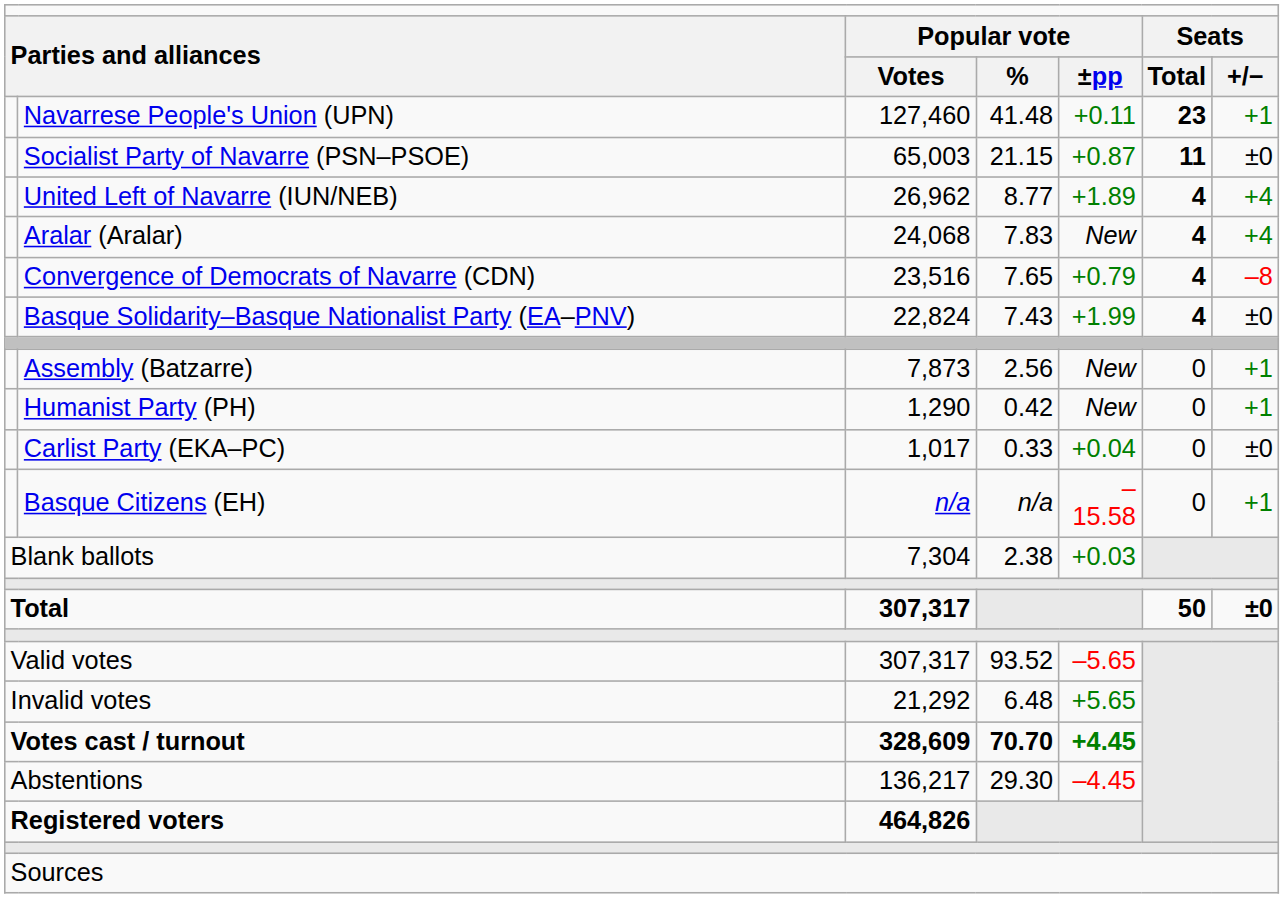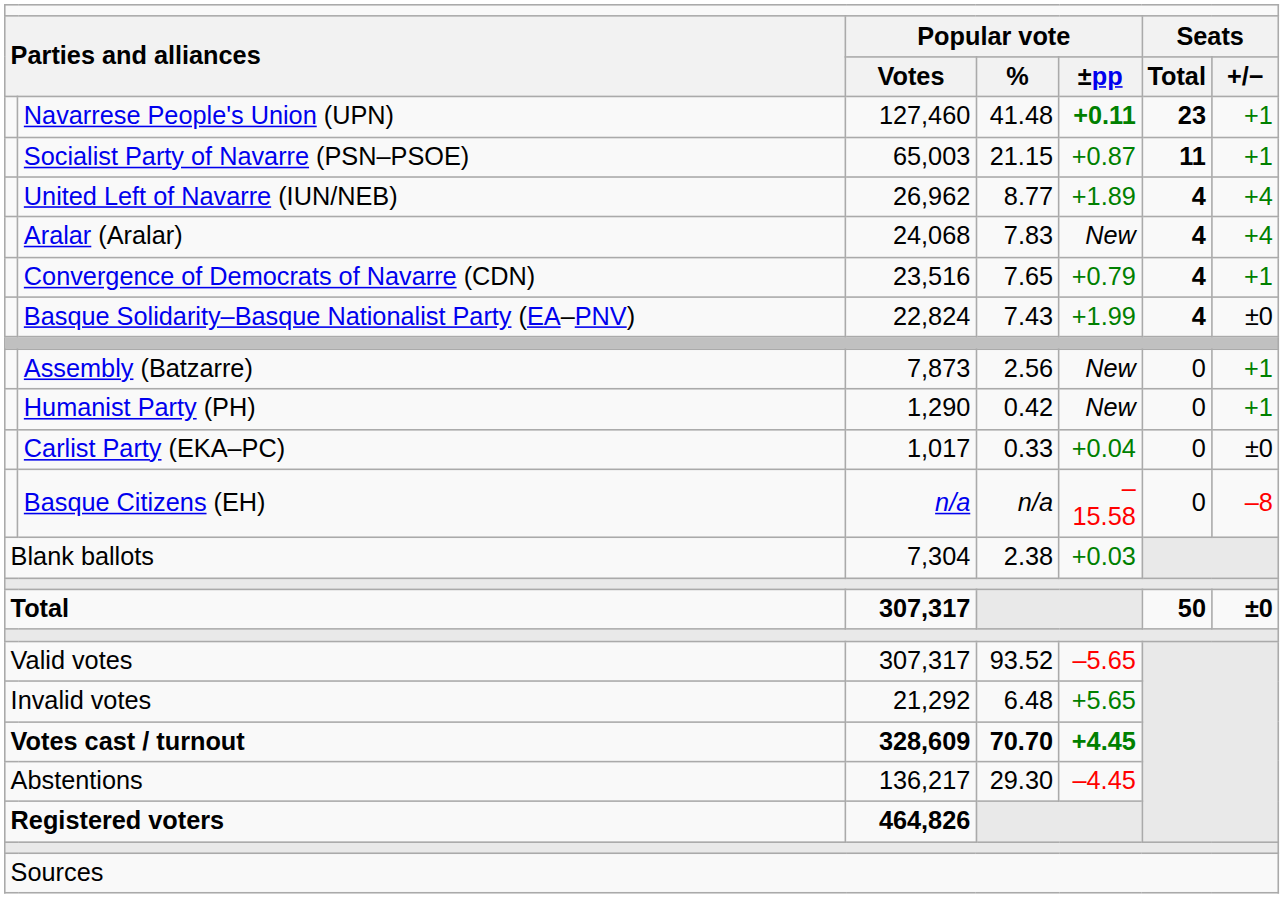 <table class="wikitable" style="text-align:right;">
 <tr>
 <td colspan="7"></td>
 </tr>
 <tr>
 <th style="text-align:left;" rowspan="2" colspan="2" width="525">Parties and alliances</th>
 <th colspan="3">Popular vote</th>
 <th colspan="2">Seats</th>
 </tr>
 <tr>
 <th width="75">Votes</th>
 <th width="45">%</th>
 <th width="45">±<a href='#'>pp</a></th>
 <th width="35">Total</th>
 <th width="35">+/−</th>
 </tr>
 <tr>
 <td width="1" style="color:inherit;background:"></td>
 <td align="left"><a href='#'>Navarrese People's Union</a> (UPN)</td>
 <td>127,460</td>
 <td>41.48</td>
-<td style="color:green;">+0.11</td>
+<td style="color:green;"><strong>+0.11</strong></td>
 <td><strong>23</strong></td>
 <td style="color:green;">+1</td>
 </tr>
 <tr>
 <td style="color:inherit;background:"></td>
 <td align="left"><a href='#'>Socialist Party of Navarre</a> (PSN–PSOE)</td>
 <td>65,003</td>
 <td>21.15</td>
 <td style="color:green;">+0.87</td>
 <td><strong>11</strong></td>
-<td>±0</td>
+<td style="color:green;">+1</td>
 </tr>
 <tr>
 <td style="color:inherit;background:"></td>
 <td align="left"><a href='#'>United Left of Navarre</a> (IUN/NEB)</td>
 <td>26,962</td>
 <td>8.77</td>
 <td style="color:green;">+1.89</td>
 <td><strong>4</strong></td>
 <td style="color:green;">+4</td>
 </tr>
 <tr>
 <td style="color:inherit;background:"></td>
 <td align="left"><a href='#'>Aralar</a> (Aralar)</td>
 <td>24,068</td>
 <td>7.83</td>
 <td><em>New</em></td>
 <td><strong>4</strong></td>
 <td style="color:green;">+4</td>
 </tr>
 <tr>
 <td style="color:inherit;background:"></td>
 <td align="left"><a href='#'>Convergence of Democrats of Navarre</a> (CDN)</td>
 <td>23,516</td>
 <td>7.65</td>
 <td style="color:green;">+0.79</td>
 <td><strong>4</strong></td>
-<td style="color:red;">–8</td>
+<td style="color:green;">+1</td>
 </tr>
 <tr>
 <td style="color:inherit;background:"></td>
 <td align="left"><a href='#'>Basque Solidarity–Basque Nationalist Party</a> (<a href='#'>EA</a>–<a href='#'>PNV</a>)</td>
 <td>22,824</td>
 <td>7.43</td>
 <td style="color:green;">+1.99</td>
 <td><strong>4</strong></td>
 <td>±0</td>
 </tr>
 <tr>
 <td colspan="7" bgcolor="#C0C0C0"></td>
 </tr>
 <tr>
 <td style="color:inherit;background:"></td>
 <td align="left"><a href='#'>Assembly</a> (Batzarre)</td>
 <td>7,873</td>
 <td>2.56</td>
 <td><em>New</em></td>
 <td>0</td>
 <td style="color:green;">+1</td>
 </tr>
 <tr>
 <td style="color:inherit;background:"></td>
 <td align="left"><a href='#'>Humanist Party</a> (PH)</td>
 <td>1,290</td>
 <td>0.42</td>
 <td><em>New</em></td>
 <td>0</td>
 <td style="color:green;">+1</td>
 </tr>
 <tr>
 <td style="color:inherit;background:"></td>
 <td align="left"><a href='#'>Carlist Party</a> (EKA–PC)</td>
 <td>1,017</td>
 <td>0.33</td>
 <td style="color:green;">+0.04</td>
 <td>0</td>
 <td>±0</td>
 </tr>
 <tr>
 <td style="color:inherit;background:"></td>
 <td align="left"><a href='#'>Basque Citizens</a> (EH)</td>
 <td><em><a href='#'>n/a</a></em></td>
 <td><em>n/a</em></td>
 <td style="color:red;">–15.58</td>
 <td>0</td>
-<td style="color:green;">+1</td>
+<td style="color:red;">–8</td>
 </tr>
 <tr>
 <td align="left" colspan="2">Blank ballots</td>
 <td>7,304</td>
 <td>2.38</td>
 <td style="color:green;">+0.03</td>
 <td bgcolor="#E9E9E9" colspan="2"></td>
 </tr>
 <tr>
 <td colspan="7" bgcolor="#E9E9E9"></td>
 </tr>
 <tr style="font-weight:bold;">
 <td align="left" colspan="2">Total</td>
 <td>307,317</td>
 <td bgcolor="#E9E9E9" colspan="2"></td>
 <td>50</td>
 <td>±0</td>
 </tr>
 <tr>
 <td colspan="7" bgcolor="#E9E9E9"></td>
 </tr>
 <tr>
 <td align="left" colspan="2">Valid votes</td>
 <td>307,317</td>
 <td>93.52</td>
 <td style="color:red;">–5.65</td>
 <td bgcolor="#E9E9E9" colspan="2" rowspan="5"></td>
 </tr>
 <tr>
 <td align="left" colspan="2">Invalid votes</td>
 <td>21,292</td>
 <td>6.48</td>
 <td style="color:green;">+5.65</td>
 </tr>
 <tr style="font-weight:bold;">
 <td align="left" colspan="2">Votes cast / turnout</td>
 <td>328,609</td>
 <td>70.70</td>
 <td style="color:green;">+4.45</td>
 </tr>
 <tr>
 <td align="left" colspan="2">Abstentions</td>
 <td>136,217</td>
 <td>29.30</td>
 <td style="color:red;">–4.45</td>
 </tr>
 <tr style="font-weight:bold;">
 <td align="left" colspan="2">Registered voters</td>
 <td>464,826</td>
 <td bgcolor="#E9E9E9" colspan="2"></td>
 </tr>
 <tr>
 <td colspan="7" bgcolor="#E9E9E9"></td>
 </tr>
 <tr>
 <td align="left" colspan="7">Sources</td>
 </tr>
 </table>
